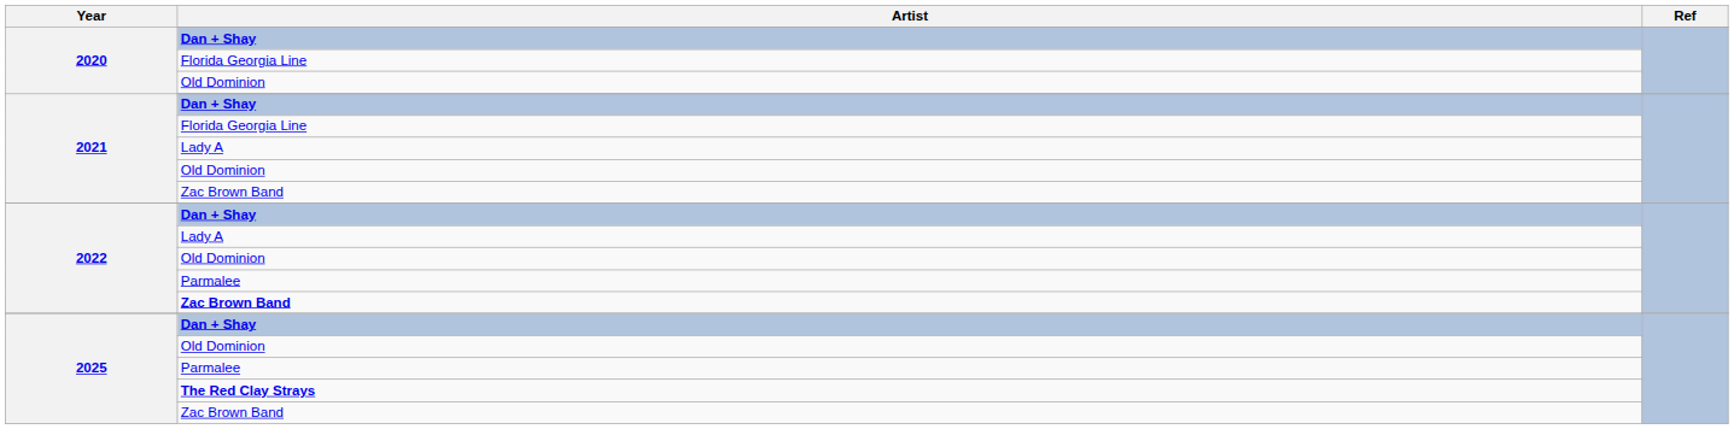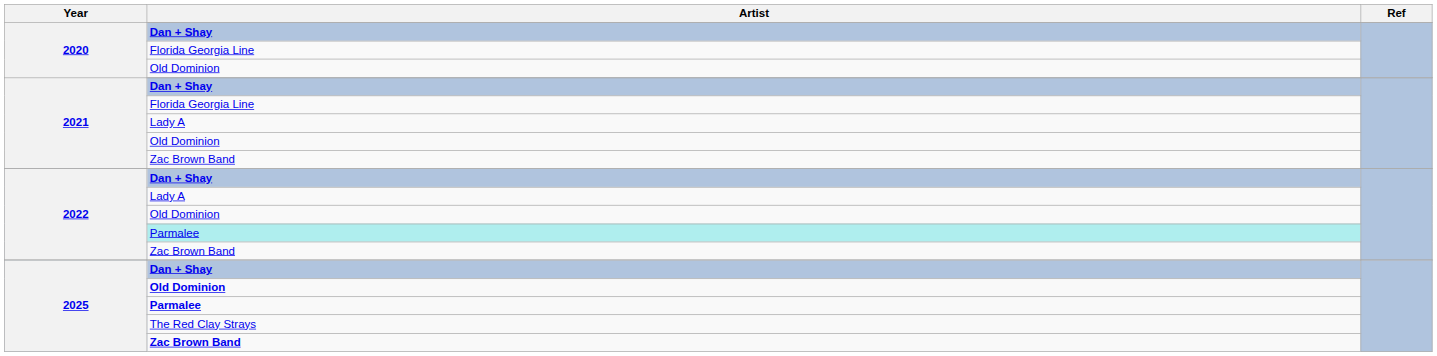 <table class="wikitable" width="100%">
 <tr>
 <th width="10%">Year</th>
 <th width="85%">Artist</th>
 <th width="5%">Ref</th>
 </tr>
 <tr>
 <th rowspan="4" align="center"><a href='#'>2020<br></a></th>
 </tr>
 <tr style="background:#B0C4DE">
 <td><strong><a href='#'>Dan + Shay</a></strong></td>
 <td rowspan=3 align="center"></td>
 </tr>
 <tr>
 <td><a href='#'>Florida Georgia Line</a></td>
 </tr>
 <tr>
 <td><a href='#'>Old Dominion</a></td>
 </tr>
 <tr>
 <th rowspan="6" align="center"><a href='#'>2021<br></a></th>
 </tr>
 <tr style="background:#B0C4DE">
 <td><strong><a href='#'>Dan + Shay</a></strong></td>
 <td rowspan=5 align="center"></td>
 </tr>
 <tr>
 <td><a href='#'>Florida Georgia Line</a></td>
 </tr>
 <tr>
 <td><a href='#'>Lady A</a></td>
 </tr>
 <tr>
 <td><a href='#'>Old Dominion</a></td>
 </tr>
 <tr>
 <td><a href='#'>Zac Brown Band</a></td>
 </tr>
 <tr>
 </tr>
 <tr style="background:#B0C4DE">
 <th rowspan="5" align="center"><a href='#'>2022<br></a></th>
 <td><strong><a href='#'>Dan + Shay</a></strong></td>
 <td rowspan=5 align="center"></td>
 </tr>
 <tr>
 <td><a href='#'>Lady A</a></td>
 </tr>
 <tr>
 <td><a href='#'>Old Dominion</a></td>
 </tr>
 <tr>
-<td><a href='#'>Parmalee</a></td>
+<td style="background: paleturquoise;"><a href='#'>Parmalee</a></td>
 </tr>
 <tr>
-<td><strong><a href='#'>Zac Brown Band</a></strong></td>
+<td><a href='#'>Zac Brown Band</a></td>
 </tr>
 <tr>
 </tr>
 <tr style="background:#B0C4DE">
 <th rowspan="5" align="center"><a href='#'>2025<br></a></th>
 <td><strong><a href='#'>Dan + Shay</a></strong></td>
 <td rowspan=5 align="center"></td>
 </tr>
 <tr>
-<td><a href='#'>Old Dominion</a></td>
+<td><strong><a href='#'>Old Dominion</a></strong></td>
 </tr>
 <tr>
-<td><a href='#'>Parmalee</a></td>
+<td><strong><a href='#'>Parmalee</a></strong></td>
 </tr>
 <tr>
-<td><strong><a href='#'>The Red Clay Strays</a></strong></td>
+<td><a href='#'>The Red Clay Strays</a></td>
 </tr>
 <tr>
-<td><a href='#'>Zac Brown Band</a></td>
+<td><strong><a href='#'>Zac Brown Band</a></strong></td>
 </tr>
 </table>
